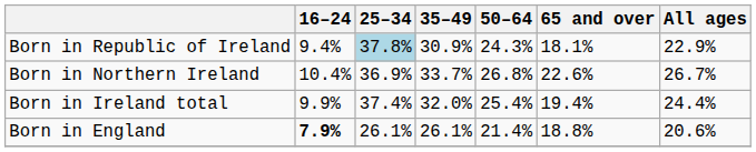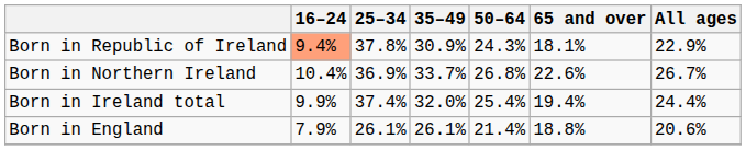 <table class="wikitable">
 <tr>
 <th></th>
 <th>16–24</th>
 <th>25–34</th>
 <th>35–49</th>
 <th>50–64</th>
 <th>65 and over</th>
 <th>All ages</th>
 </tr>
 <tr>
 <td>Born in Republic of Ireland</td>
-<td>9.4%</td>
-<td style="background: lightblue;">37.8%</td>
+<td style="background: lightsalmon;">9.4%</td>
+<td>37.8%</td>
 <td>30.9%</td>
 <td>24.3%</td>
 <td>18.1%</td>
 <td>22.9%</td>
 </tr>
 <tr>
 <td>Born in Northern Ireland</td>
 <td>10.4%</td>
 <td>36.9%</td>
 <td>33.7%</td>
 <td>26.8%</td>
 <td>22.6%</td>
 <td>26.7%</td>
 </tr>
 <tr>
 <td>Born in Ireland total</td>
 <td>9.9%</td>
 <td>37.4%</td>
 <td>32.0%</td>
 <td>25.4%</td>
 <td>19.4%</td>
 <td>24.4%</td>
 </tr>
 <tr>
 <td>Born in England</td>
-<td><strong>7.9%</strong></td>
+<td>7.9%</td>
 <td>26.1%</td>
 <td>26.1%</td>
 <td>21.4%</td>
 <td>18.8%</td>
 <td>20.6%</td>
 </tr>
 <tr>
 </tr>
 </table>
